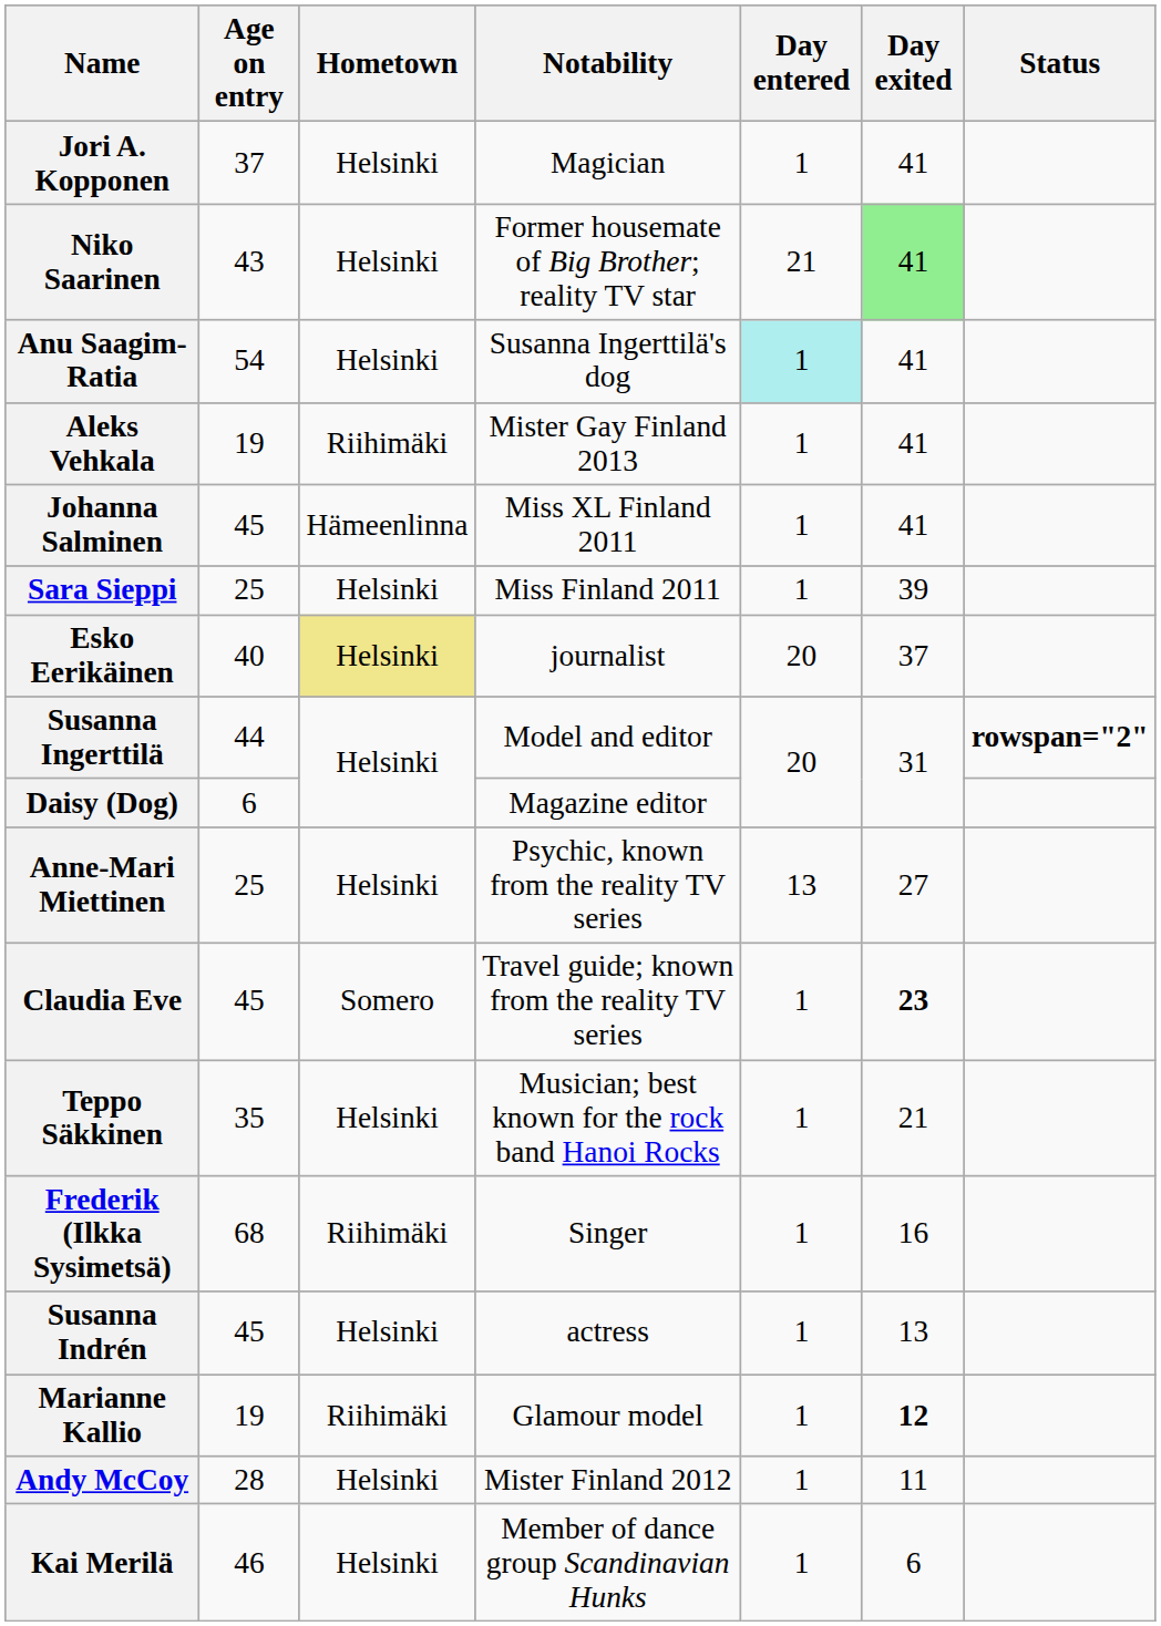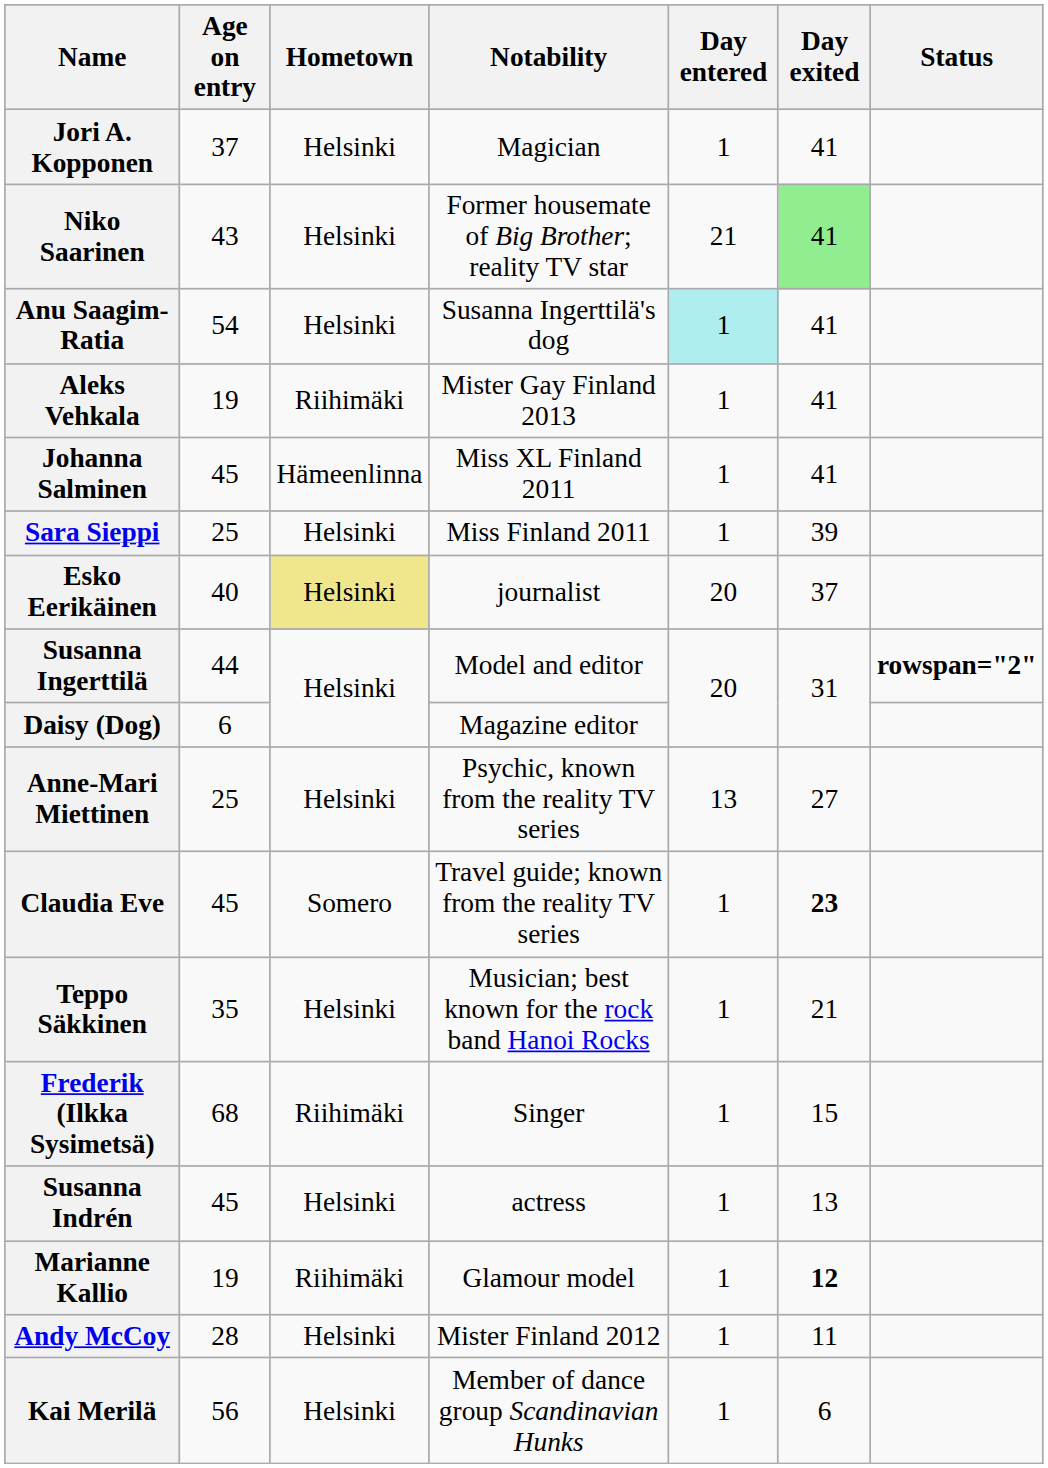 <table class="wikitable sortable" style="text-align:center;">
 <tr>
 <th>Name</th>
 <th>Age on entry</th>
 <th>Hometown</th>
 <th>Notability</th>
 <th>Day entered</th>
 <th>Day exited</th>
 <th>Status</th>
 </tr>
 <tr>
 <th>Jori A. Kopponen</th>
 <td>37</td>
 <td>Helsinki</td>
 <td>Magician</td>
 <td>1</td>
 <td>41</td>
 <td></td>
 </tr>
 <tr>
 <th>Niko Saarinen</th>
 <td>43</td>
 <td>Helsinki</td>
 <td>Former housemate of <em>Big Brother</em>; reality TV star</td>
 <td>21</td>
 <td style="background: lightgreen;">41</td>
 <td></td>
 </tr>
 <tr>
 <th>Anu Saagim-Ratia</th>
 <td>54</td>
 <td>Helsinki</td>
 <td>Susanna Ingerttilä's dog</td>
 <td style="background: paleturquoise;">1</td>
 <td>41</td>
 <td></td>
 </tr>
 <tr>
 <th>Aleks Vehkala</th>
 <td>19</td>
 <td>Riihimäki</td>
 <td>Mister Gay Finland 2013</td>
 <td>1</td>
 <td>41</td>
 <td></td>
 </tr>
 <tr>
 <th>Johanna Salminen</th>
 <td>45</td>
 <td>Hämeenlinna</td>
 <td>Miss XL Finland 2011</td>
 <td>1</td>
 <td>41</td>
 <td></td>
 </tr>
 <tr>
 <th><a href='#'>Sara Sieppi</a></th>
 <td>25</td>
 <td>Helsinki</td>
 <td>Miss Finland 2011</td>
 <td>1</td>
 <td>39</td>
 <td></td>
 </tr>
 <tr>
 <th>Esko Eerikäinen</th>
 <td>40</td>
 <td style="background: khaki;">Helsinki</td>
 <td>journalist</td>
 <td>20</td>
 <td>37</td>
 <td></td>
 </tr>
 <tr>
 <th>Susanna Ingerttilä</th>
 <td>44</td>
 <td rowspan="2">Helsinki</td>
 <td>Model and editor</td>
 <td rowspan="2">20</td>
 <td rowspan="2">31</td>
 <td><strong>rowspan="2" </strong></td>
 </tr>
 <tr>
 <th>Daisy (Dog)</th>
 <td>6</td>
 <td>Magazine editor</td>
 </tr>
 <tr>
 <th>Anne-Mari Miettinen</th>
 <td>25</td>
 <td>Helsinki</td>
 <td>Psychic, known from the reality TV series</td>
 <td>13</td>
 <td>27</td>
 <td></td>
 </tr>
 <tr>
 <th>Claudia Eve</th>
 <td>45</td>
 <td>Somero</td>
 <td>Travel guide; known from the reality TV series</td>
 <td>1</td>
 <td><strong>23</strong></td>
 <td></td>
 </tr>
 <tr>
 <th>Teppo Säkkinen</th>
 <td>35</td>
 <td>Helsinki</td>
 <td>Musician; best known for the <a href='#'>rock</a> band <a href='#'>Hanoi Rocks</a></td>
 <td>1</td>
 <td>21</td>
 <td></td>
 </tr>
 <tr>
 <th><a href='#'>Frederik</a> (Ilkka Sysimetsä)</th>
 <td>68</td>
 <td>Riihimäki</td>
 <td>Singer</td>
 <td>1</td>
-<td>16</td>
+<td>15</td>
 <td></td>
 </tr>
 <tr>
 <th>Susanna Indrén</th>
 <td>45</td>
 <td>Helsinki</td>
 <td>actress</td>
 <td>1</td>
 <td>13</td>
 <td></td>
 </tr>
 <tr>
 <th>Marianne Kallio</th>
 <td>19</td>
 <td>Riihimäki</td>
 <td>Glamour model</td>
 <td>1</td>
 <td><strong>12</strong></td>
 <td></td>
 </tr>
 <tr>
 <th><a href='#'>Andy McCoy</a></th>
 <td>28</td>
 <td>Helsinki</td>
 <td>Mister Finland 2012</td>
 <td>1</td>
 <td>11</td>
 <td></td>
 </tr>
 <tr>
 <th>Kai Merilä</th>
-<td>46</td>
+<td>56</td>
 <td>Helsinki</td>
 <td>Member of dance group <em>Scandinavian Hunks</em></td>
 <td>1</td>
 <td>6</td>
 <td></td>
 </tr>
 </table>
